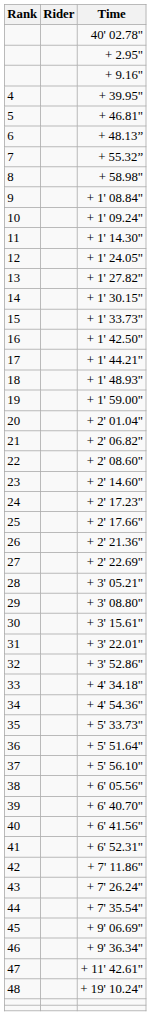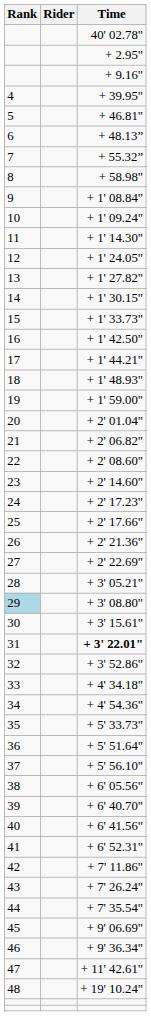 <table class="wikitable sortable">
 <tr>
 <th>Rank</th>
 <th>Rider</th>
 <th>Time</th>
 </tr>
 <tr>
 <td></td>
 <td></td>
 <td align="right">40' 02.78"</td>
 </tr>
 <tr>
 <td></td>
 <td></td>
 <td align="right">+ 2.95"</td>
 </tr>
 <tr>
 <td></td>
 <td></td>
 <td align="right">+ 9.16"</td>
 </tr>
 <tr>
 <td>4</td>
 <td></td>
 <td align="right">+ 39.95"</td>
 </tr>
 <tr>
 <td>5</td>
 <td></td>
 <td align="right">+ 46.81"</td>
 </tr>
 <tr>
 <td>6</td>
 <td></td>
 <td align="right">+ 48.13”</td>
 </tr>
 <tr>
 <td>7</td>
 <td></td>
 <td align="right">+ 55.32”</td>
 </tr>
 <tr>
 <td>8</td>
 <td></td>
 <td align="right">+ 58.98"</td>
 </tr>
 <tr>
 <td>9</td>
 <td></td>
 <td align="right">+ 1' 08.84"</td>
 </tr>
 <tr>
 <td>10</td>
 <td></td>
 <td align="right">+ 1' 09.24"</td>
 </tr>
 <tr>
 <td>11</td>
 <td></td>
 <td align="right">+ 1' 14.30"</td>
 </tr>
 <tr>
 <td>12</td>
 <td></td>
 <td align="right">+ 1' 24.05"</td>
 </tr>
 <tr>
 <td>13</td>
 <td></td>
 <td align="right">+ 1' 27.82"</td>
 </tr>
 <tr>
 <td>14</td>
 <td></td>
 <td align="right">+ 1' 30.15"</td>
 </tr>
 <tr>
 <td>15</td>
 <td></td>
 <td align="right">+ 1' 33.73"</td>
 </tr>
 <tr>
 <td>16</td>
 <td></td>
 <td align="right">+ 1' 42.50"</td>
 </tr>
 <tr>
 <td>17</td>
 <td></td>
 <td align="right">+ 1' 44.21"</td>
 </tr>
 <tr>
 <td>18</td>
 <td></td>
 <td align="right">+ 1' 48.93"</td>
 </tr>
 <tr>
 <td>19</td>
 <td></td>
 <td align="right">+ 1' 59.00"</td>
 </tr>
 <tr>
 <td>20</td>
 <td></td>
 <td align="right">+ 2' 01.04"</td>
 </tr>
 <tr>
 <td>21</td>
 <td></td>
 <td align="right">+ 2' 06.82"</td>
 </tr>
 <tr>
 <td>22</td>
 <td></td>
 <td align="right">+ 2' 08.60"</td>
 </tr>
 <tr>
 <td>23</td>
 <td></td>
 <td align="right">+ 2' 14.60"</td>
 </tr>
 <tr>
 <td>24</td>
 <td></td>
 <td align="right">+ 2' 17.23"</td>
 </tr>
 <tr>
 <td>25</td>
 <td></td>
 <td align="right">+ 2' 17.66"</td>
 </tr>
 <tr>
 <td>26</td>
 <td></td>
 <td align="right">+ 2' 21.36"</td>
 </tr>
 <tr>
 <td>27</td>
 <td></td>
 <td align="right">+ 2' 22.69"</td>
 </tr>
 <tr>
 <td>28</td>
 <td></td>
 <td align="right">+ 3' 05.21"</td>
 </tr>
 <tr>
-<td>29</td>
+<td style="background: lightblue;">29</td>
 <td></td>
 <td align="right">+ 3' 08.80"</td>
 </tr>
 <tr>
 <td>30</td>
 <td></td>
 <td align="right">+ 3' 15.61"</td>
 </tr>
 <tr>
 <td>31</td>
 <td></td>
-<td align="right">+ 3' 22.01"</td>
+<td align="right"><strong>+ 3' 22.01"</strong></td>
 </tr>
 <tr>
 <td>32</td>
 <td></td>
 <td align="right">+ 3' 52.86"</td>
 </tr>
 <tr>
 <td>33</td>
 <td></td>
 <td align="right">+ 4' 34.18"</td>
 </tr>
 <tr>
 <td>34</td>
 <td></td>
 <td align="right">+ 4' 54.36"</td>
 </tr>
 <tr>
 <td>35</td>
 <td></td>
 <td align="right">+ 5' 33.73"</td>
 </tr>
 <tr>
 <td>36</td>
 <td></td>
 <td align="right">+ 5' 51.64"</td>
 </tr>
 <tr>
 <td>37</td>
 <td></td>
 <td align="right">+ 5' 56.10"</td>
 </tr>
 <tr>
 <td>38</td>
 <td></td>
 <td align="right">+ 6' 05.56"</td>
 </tr>
 <tr>
 <td>39</td>
 <td></td>
 <td align="right">+ 6' 40.70"</td>
 </tr>
 <tr>
 <td>40</td>
 <td></td>
 <td align="right">+ 6' 41.56"</td>
 </tr>
 <tr>
 <td>41</td>
 <td></td>
 <td align="right">+ 6' 52.31"</td>
 </tr>
 <tr>
 <td>42</td>
 <td></td>
 <td align="right">+ 7' 11.86"</td>
 </tr>
 <tr>
 <td>43</td>
 <td></td>
 <td align="right">+ 7' 26.24"</td>
 </tr>
 <tr>
 <td>44</td>
 <td></td>
 <td align="right">+ 7' 35.54"</td>
 </tr>
 <tr>
 <td>45</td>
 <td></td>
 <td align="right">+ 9' 06.69"</td>
 </tr>
 <tr>
 <td>46</td>
 <td></td>
 <td align="right">+ 9' 36.34"</td>
 </tr>
 <tr>
 <td>47</td>
 <td></td>
 <td align="right">+ 11' 42.61"</td>
 </tr>
 <tr>
 <td>48</td>
 <td></td>
 <td align="right">+ 19' 10.24"</td>
 </tr>
 <tr>
 <td></td>
 <td></td>
 <td align="right"></td>
 </tr>
 <tr>
 <td></td>
 <td></td>
 <td align="right"></td>
 </tr>
 </table>
